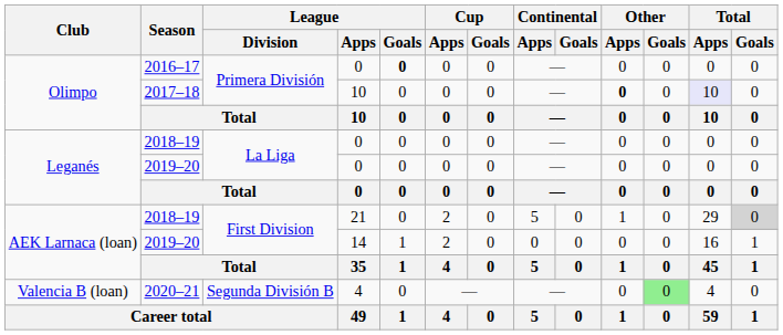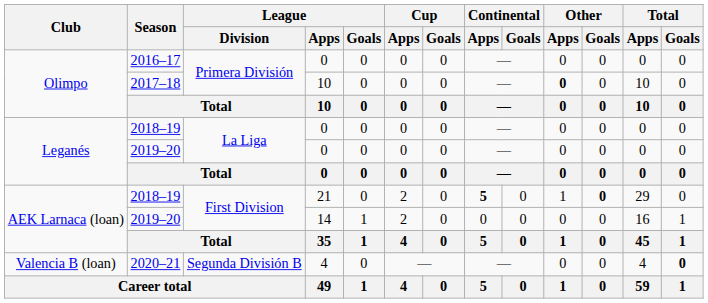 <table class="wikitable" style="text-align:center">
 <tr>
 <th rowspan="2">Club</th>
 <th rowspan="2">Season</th>
 <th colspan="3">League</th>
 <th colspan="2">Cup</th>
 <th colspan="2">Continental</th>
 <th colspan="2">Other</th>
 <th colspan="2">Total</th>
 </tr>
 <tr>
 <th>Division</th>
 <th>Apps</th>
 <th>Goals</th>
 <th>Apps</th>
 <th>Goals</th>
 <th>Apps</th>
 <th>Goals</th>
 <th>Apps</th>
 <th>Goals</th>
 <th>Apps</th>
 <th>Goals</th>
 </tr>
 <tr>
 <td rowspan="3"><a href='#'>Olimpo</a></td>
 <td><a href='#'>2016–17</a></td>
 <td rowspan="2"><a href='#'>Primera División</a></td>
 <td>0</td>
-<td><strong>0</strong></td>
+<td>0</td>
 <td>0</td>
 <td>0</td>
 <td colspan="2">—</td>
 <td>0</td>
 <td>0</td>
 <td>0</td>
 <td>0</td>
 </tr>
 <tr>
 <td><a href='#'>2017–18</a></td>
 <td>10</td>
 <td>0</td>
 <td>0</td>
 <td>0</td>
 <td colspan="2">—</td>
 <td><strong>0</strong></td>
 <td>0</td>
-<td style="background: lavender;">10</td>
+<td>10</td>
 <td>0</td>
 </tr>
 <tr>
 <th colspan="2">Total</th>
 <th>10</th>
 <th>0</th>
 <th>0</th>
 <th>0</th>
 <th colspan="2">—</th>
 <th>0</th>
 <th>0</th>
 <th>10</th>
 <th>0</th>
 </tr>
 <tr>
 <td rowspan="3"><a href='#'>Leganés</a></td>
 <td><a href='#'>2018–19</a></td>
 <td rowspan="2"><a href='#'>La Liga</a></td>
 <td>0</td>
 <td>0</td>
 <td>0</td>
 <td>0</td>
 <td colspan="2">—</td>
 <td>0</td>
 <td>0</td>
 <td>0</td>
 <td>0</td>
 </tr>
 <tr>
 <td><a href='#'>2019–20</a></td>
 <td>0</td>
 <td>0</td>
 <td>0</td>
 <td>0</td>
 <td colspan="2">—</td>
 <td>0</td>
 <td>0</td>
 <td>0</td>
 <td>0</td>
 </tr>
 <tr>
 <th colspan="2">Total</th>
 <th>0</th>
 <th>0</th>
 <th>0</th>
 <th>0</th>
 <th colspan="2">—</th>
 <th>0</th>
 <th>0</th>
 <th>0</th>
 <th>0</th>
 </tr>
 <tr>
 <td rowspan="3"><a href='#'>AEK Larnaca</a> (loan)</td>
 <td><a href='#'>2018–19</a></td>
 <td rowspan="2"><a href='#'>First Division</a></td>
 <td>21</td>
 <td>0</td>
 <td>2</td>
 <td>0</td>
-<td>5</td>
+<td><strong>5</strong></td>
 <td>0</td>
 <td>1</td>
+<td><strong>0</strong></td>
+<td>29</td>
 <td>0</td>
-<td>29</td>
-<td style="background: lightgrey;">0</td>
 </tr>
 <tr>
 <td><a href='#'>2019–20</a></td>
 <td>14</td>
 <td>1</td>
 <td>2</td>
 <td>0</td>
 <td>0</td>
 <td>0</td>
 <td>0</td>
 <td>0</td>
 <td>16</td>
 <td>1</td>
 </tr>
 <tr>
 <th colspan="2">Total</th>
 <th>35</th>
 <th>1</th>
 <th>4</th>
 <th>0</th>
 <th>5</th>
 <th>0</th>
 <th>1</th>
 <th>0</th>
 <th>45</th>
 <th>1</th>
 </tr>
 <tr>
 <td rowspan="1"><a href='#'>Valencia B</a> (loan)</td>
 <td><a href='#'>2020–21</a></td>
 <td rowspan="1"><a href='#'>Segunda División B</a></td>
 <td>4</td>
 <td>0</td>
 <td colspan="2">—</td>
 <td colspan="2">—</td>
 <td>0</td>
-<td style="background: lightgreen;">0</td>
+<td>0</td>
 <td>4</td>
-<td>0</td>
+<td><strong>0</strong></td>
 </tr>
 <tr>
 <th colspan="3">Career total</th>
 <th>49</th>
 <th>1</th>
 <th>4</th>
 <th>0</th>
 <th>5</th>
 <th>0</th>
 <th>1</th>
 <th>0</th>
 <th>59</th>
 <th>1</th>
 </tr>
 </table>
